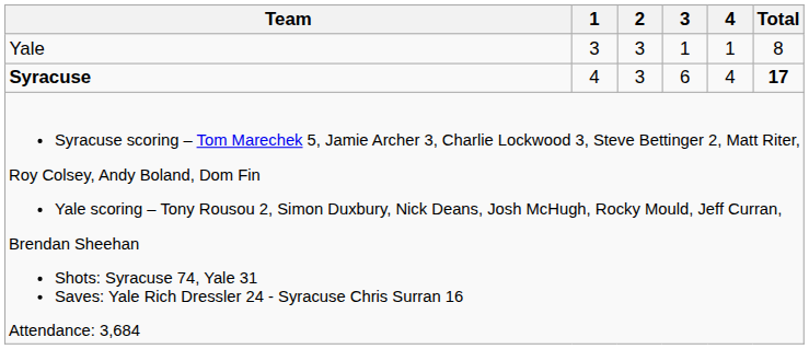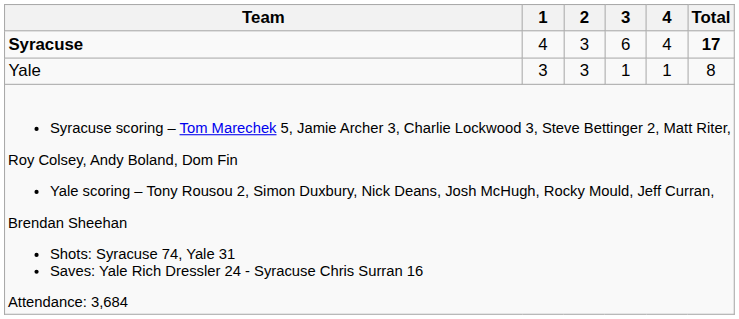 <table class="wikitable" style="text-align:center; max-width:45em">
 <tr>
 <th>Team</th>
 <th style="width:2em">1</th>
 <th style="width:2em">2</th>
 <th style="width:2em">3</th>
 <th style="width:2em">4</th>
 <th style="width:2em">Total</th>
 </tr>
 <tr>
+<td style="text-align:left"><strong>Syracuse</strong></td>
+<td>4</td>
+<td>3</td>
+<td>6</td>
+<td>4</td>
+<td><strong>17</strong></td>
+</tr>
+<tr>
 <td style="text-align:left">Yale</td>
 <td>3</td>
 <td>3</td>
 <td>1</td>
 <td>1</td>
 <td>8</td>
 </tr>
 <tr>
-<td style="text-align:left"><strong>Syracuse</strong></td>
-<td>4</td>
-<td>3</td>
-<td>6</td>
-<td>4</td>
-<td><strong>17</strong></td>
-</tr>
-<tr>
 <td colspan=6 style="text-align:left; font-size:88%;"><br><ul><li>Syracuse scoring – <a href='#'>Tom Marechek</a> 5, Jamie Archer 3, Charlie Lockwood 3, Steve Bettinger 2, Matt Riter,</li></ul>Roy Colsey, Andy Boland, Dom Fin<ul><li>Yale scoring – Tony Rousou 2, Simon Duxbury, Nick Deans, Josh McHugh, Rocky Mould, Jeff Curran,</li></ul>Brendan Sheehan<ul><li>Shots: Syracuse 74, Yale 31</li><li>Saves: Yale Rich Dressler 24 - Syracuse Chris Surran 16</li></ul>Attendance: 3,684 </td>
 </tr>
 </table>
